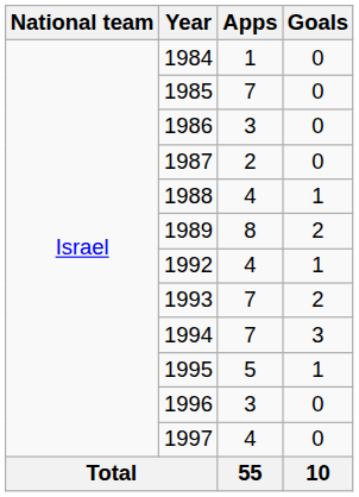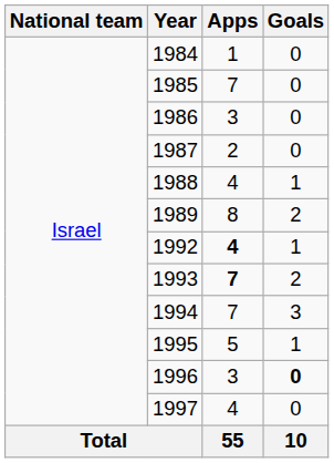 <table class="wikitable" style="text-align:center">
 <tr>
 <th>National team</th>
 <th>Year</th>
 <th>Apps</th>
 <th>Goals</th>
 </tr>
 <tr>
 <td rowspan="12"><a href='#'>Israel</a></td>
 <td>1984</td>
 <td>1</td>
 <td>0</td>
 </tr>
 <tr>
 <td>1985</td>
 <td>7</td>
 <td>0</td>
 </tr>
 <tr>
 <td>1986</td>
 <td>3</td>
 <td>0</td>
 </tr>
 <tr>
 <td>1987</td>
 <td>2</td>
 <td>0</td>
 </tr>
 <tr>
 <td>1988</td>
 <td>4</td>
 <td>1</td>
 </tr>
 <tr>
 <td>1989</td>
 <td>8</td>
 <td>2</td>
 </tr>
 <tr>
 <td>1992</td>
-<td>4</td>
+<td><strong>4</strong></td>
 <td>1</td>
 </tr>
 <tr>
 <td>1993</td>
-<td>7</td>
+<td><strong>7</strong></td>
 <td>2</td>
 </tr>
 <tr>
 <td>1994</td>
 <td>7</td>
 <td>3</td>
 </tr>
 <tr>
 <td>1995</td>
 <td>5</td>
 <td>1</td>
 </tr>
 <tr>
 <td>1996</td>
 <td>3</td>
-<td>0</td>
+<td><strong>0</strong></td>
 </tr>
 <tr>
 <td>1997</td>
 <td>4</td>
 <td>0</td>
 </tr>
 <tr>
 <th colspan="2">Total</th>
 <th>55</th>
 <th>10</th>
 </tr>
 </table>
